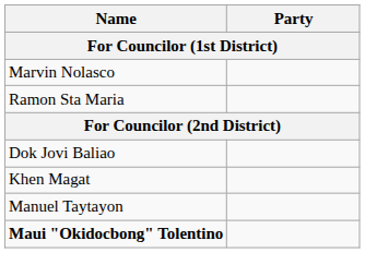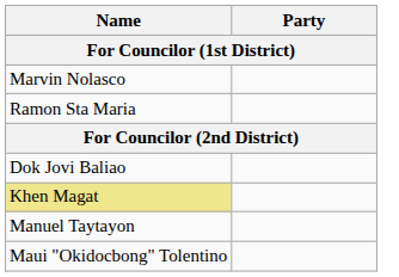 <table class="wikitable" style="font-size:90%">
 <tr>
 <th !width=150px>Name</th>
 <th colspan=2 width=110px>Party</th>
 </tr>
 <tr>
 <th colspan="3">For Councilor (1st District)</th>
 </tr>
 <tr>
 <td>Marvin Nolasco</td>
 <td></td>
 </tr>
 <tr>
 <td>Ramon Sta Maria</td>
 <td></td>
 </tr>
 <tr>
 <th colspan="3">For Councilor (2nd District)</th>
 </tr>
 <tr>
 <td>Dok Jovi Baliao</td>
 <td></td>
 </tr>
 <tr>
-<td>Khen Magat</td>
+<td style="background: khaki;">Khen Magat</td>
 <td></td>
 </tr>
 <tr>
 <td>Manuel Taytayon</td>
 <td></td>
 </tr>
 <tr>
-<td><strong>Maui "Okidocbong" Tolentino</strong></td>
+<td>Maui "Okidocbong" Tolentino</td>
 <td></td>
 </tr>
 </table>
